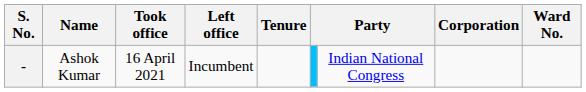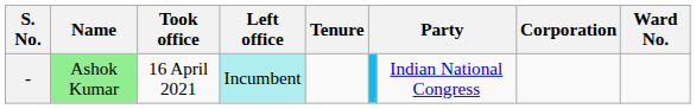 <table class="wikitable" style="text-align:center">
 <tr>
 <th>S. No.</th>
 <th>Name</th>
 <th>Took office</th>
 <th>Left office</th>
 <th>Tenure</th>
 <th colspan=2>Party</th>
 <th>Corporation</th>
 <th>Ward No.</th>
 </tr>
 <tr>
 <th>-</th>
-<td>Ashok Kumar</td>
+<td style="background: lightgreen;">Ashok Kumar</td>
 <td>16 April 2021</td>
-<td>Incumbent</td>
+<td style="background: paleturquoise;">Incumbent</td>
 <td></td>
 <td bgcolor=#00BFFF></td>
 <td><a href='#'>Indian National Congress</a></td>
 <td></td>
 <td></td>
 </tr>
 </table>
